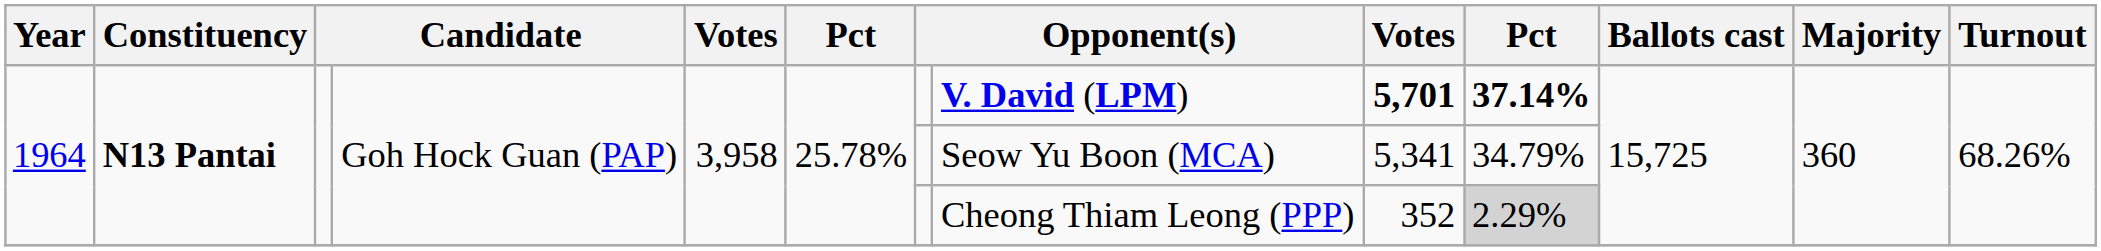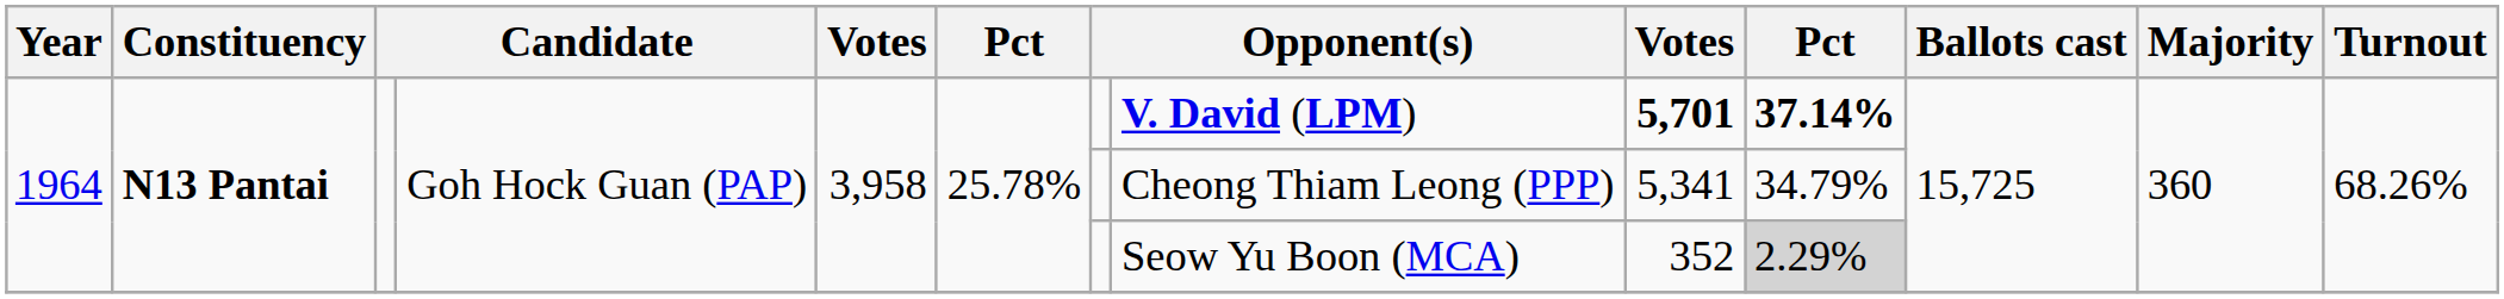 <table class="wikitable" style="margin:0.5em ; font-size:95%">
 <tr>
 <th>Year</th>
 <th>Constituency</th>
 <th colspan=2>Candidate</th>
 <th>Votes</th>
 <th>Pct</th>
 <th colspan=2>Opponent(s)</th>
 <th>Votes</th>
 <th>Pct</th>
 <th>Ballots cast</th>
 <th>Majority</th>
 <th>Turnout</th>
 </tr>
 <tr>
 <td rowspan=3><a href='#'>1964</a></td>
 <td rowspan=3><strong>N13 Pantai</strong></td>
 <td rowspan=3 bgcolor=></td>
 <td rowspan=3>Goh Hock Guan (<a href='#'>PAP</a>)</td>
 <td rowspan=3 align=right>3,958</td>
 <td rowspan=3>25.78%</td>
 <td bgcolor=></td>
 <td><strong><a href='#'>V. David</a></strong> (<a href='#'><strong>LPM</strong></a>)</td>
 <td align=right><strong>5,701</strong></td>
 <td><strong>37.14%</strong></td>
 <td rowspan=3>15,725</td>
 <td rowspan=3>360</td>
 <td rowspan=3>68.26%</td>
 </tr>
 <tr>
 <td></td>
-<td>Seow Yu Boon (<a href='#'>MCA</a>)</td>
+<td>Cheong Thiam Leong (<a href='#'>PPP</a>)</td>
 <td align=right>5,341</td>
 <td>34.79%</td>
 </tr>
 <tr>
 <td bgcolor=></td>
-<td>Cheong Thiam Leong (<a href='#'>PPP</a>)</td>
+<td>Seow Yu Boon (<a href='#'>MCA</a>)</td>
 <td align=right>352</td>
 <td style="background: lightgrey;">2.29%</td>
 </tr>
 <tr>
 </tr>
 </table>
